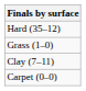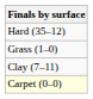 <table class=wikitable style="font-size:90%">
 <tr bgcolor="#EEEEEE">
 <th>Finals by surface</th>
 </tr>
 <tr>
 <td>Hard (35–12)</td>
 </tr>
 <tr>
 <td>Grass (1–0)</td>
 </tr>
 <tr>
 <td>Clay (7–11)</td>
 </tr>
 <tr>
-<td>Carpet (0–0)</td>
+<td style="background: lightyellow;">Carpet (0–0)</td>
 </tr>
 </table>
